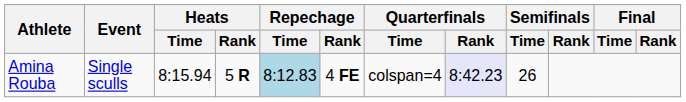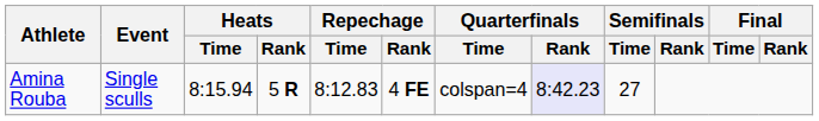 <table class="wikitable" style="font-size:90%">
 <tr>
 <th rowspan="2">Athlete</th>
 <th rowspan="2">Event</th>
 <th colspan="2">Heats</th>
 <th colspan="2">Repechage</th>
 <th colspan=2>Quarterfinals</th>
 <th colspan="2">Semifinals</th>
 <th colspan="2">Final</th>
 </tr>
 <tr style="font-size:95%">
 <th>Time</th>
 <th>Rank</th>
 <th>Time</th>
 <th>Rank</th>
 <th>Time</th>
 <th>Rank</th>
 <th>Time</th>
 <th>Rank</th>
 <th>Time</th>
 <th>Rank</th>
 </tr>
 <tr align=center>
 <td align=left><a href='#'>Amina Rouba</a></td>
 <td align=left><a href='#'>Single sculls</a></td>
 <td>8:15.94</td>
 <td>5 <strong>R</strong></td>
-<td style="background: lightblue;">8:12.83</td>
+<td>8:12.83</td>
 <td>4 <strong>FE</strong></td>
 <td>colspan=4 </td>
 <td style="background: lavender;">8:42.23</td>
-<td>26</td>
+<td>27</td>
 </tr>
 </table>
